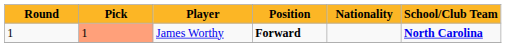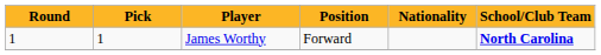 <table class="wikitable sortable sortable">
 <tr>
 <th style="background:#Fcb625;" width="15%">Round</th>
 <th style="background:#Fcb625;" width="15%">Pick</th>
 <th style="background:#Fcb625;" width="20%">Player</th>
 <th style="background:#Fcb625;" width="15%">Position</th>
 <th style="background:#Fcb625;" width="15%">Nationality</th>
 <th style="background:#Fcb625;" width="20%">School/Club Team</th>
 </tr>
 <tr>
 <td>1</td>
-<td style="background: lightsalmon;">1</td>
+<td>1</td>
 <td><a href='#'>James Worthy</a></td>
-<td><strong>Forward</strong></td>
+<td>Forward</td>
 <td></td>
 <td><strong><a href='#'>North Carolina</a></strong></td>
 </tr>
 <tr>
 </tr>
 </table>
